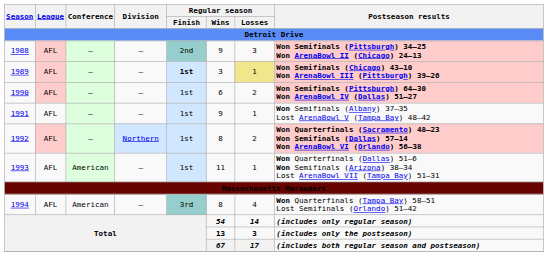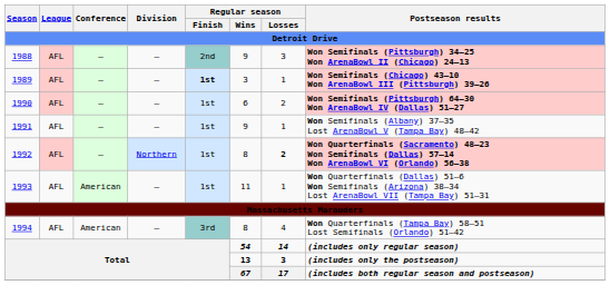 <table class="wikitable" style="font-size: 95%; width:70%;">
 <tr>
 <th rowspan="2" style="width:5%;"><a href='#'>Season</a></th>
 <th rowspan="2" style="width:5%;"><a href='#'>League</a></th>
 <th rowspan="2" style="width:5%;">Conference</th>
 <th rowspan="2">Division</th>
 <th colspan="3">Regular season</th>
 <th rowspan="2">Postseason results</th>
 </tr>
 <tr>
 <th>Finish</th>
 <th>Wins</th>
 <th>Losses</th>
 </tr>
 <tr>
 <td align="center" Colspan="9" style="background: #5A8CF7"><strong><span>Detroit Drive</span></strong></td>
 </tr>
 <tr>
 <td align="center"><a href='#'>1988</a></td>
 <td align="center" bgcolor="#FFCCCC">AFL</td>
 <td align="center" bgcolor="#DDFFDD">—</td>
 <td align="center">—</td>
 <td align="center" bgcolor="#96CDCD">2nd</td>
 <td align="center">9</td>
 <td align="center">3</td>
 <td bgcolor="#FFCCCC"><strong>Won Semifinals (<a href='#'>Pittsburgh</a>) 34–25 <br> Won <a href='#'>ArenaBowl II</a> (<a href='#'>Chicago</a>) 24–13</strong></td>
 </tr>
 <tr>
 <td align="center"><a href='#'>1989</a></td>
 <td align="center" bgcolor="#FFCCCC">AFL</td>
 <td align="center" bgcolor="#DDFFDD">—</td>
 <td align="center">—</td>
 <td align="center" bgcolor="#D0E7FF"><strong>1st</strong></td>
 <td align="center">3</td>
-<td align="center" style="background: khaki;">1</td>
+<td align="center">1</td>
 <td bgcolor="#FFCCCC"><strong>Won Semifinals (<a href='#'>Chicago</a>) 43–10 <br> Won <a href='#'>ArenaBowl III</a> (<a href='#'>Pittsburgh</a>) 39–26</strong></td>
 </tr>
 <tr>
 <td align="center"><a href='#'>1990</a></td>
 <td align="center" bgcolor="#FFCCCC">AFL</td>
 <td align="center" bgcolor="#DDFFDD">—</td>
 <td align="center">—</td>
 <td align="center" bgcolor="#D0E7FF">1st</td>
 <td align="center">6</td>
 <td align="center">2</td>
 <td bgcolor="#FFCCCC"><strong>Won Semifinals (<a href='#'>Pittsburgh</a>) 64–30 <br> Won <a href='#'>ArenaBowl IV</a> (<a href='#'>Dallas</a>) 51–27</strong></td>
 </tr>
 <tr>
 <td align="center"><a href='#'>1991</a></td>
 <td align="center">AFL</td>
 <td align="center" bgcolor="#DDFFDD">—</td>
 <td align="center">—</td>
 <td align="center" bgcolor="#D0E7FF">1st</td>
 <td align="center">9</td>
 <td align="center">1</td>
 <td><strong>Won</strong> Semifinals (<a href='#'>Albany</a>) 37–35 <br> Lost <a href='#'>ArenaBowl V</a> (<a href='#'>Tampa Bay</a>) 48–42</td>
 </tr>
 <tr>
 <td align="center"><a href='#'>1992</a></td>
 <td align="center" bgcolor="#FFCCCC">AFL</td>
 <td align="center" bgcolor="#DDFFDD">—</td>
 <td align="center" bgcolor="#D0E7FF"><a href='#'>Northern</a></td>
 <td align="center" bgcolor="#D0E7FF">1st</td>
 <td align="center">8</td>
-<td align="center">2</td>
+<td align="center"><strong>2</strong></td>
 <td bgcolor="#FFCCCC"><strong>Won Quarterfinals (<a href='#'>Sacramento</a>) 48–23 <br> Won Semifinals (<a href='#'>Dallas</a>) 57–14 <br> Won <a href='#'>ArenaBowl VI</a> (<a href='#'>Orlando</a>) 56–38</strong></td>
 </tr>
 <tr>
 <td align="center"><a href='#'>1993</a></td>
 <td align="center">AFL</td>
 <td align="center" bgcolor="#DDFFDD">American</td>
 <td align="center">—</td>
 <td align="center" bgcolor="#D0E7FF">1st</td>
 <td align="center">11</td>
 <td align="center">1</td>
 <td><strong>Won</strong> Quarterfinals (<a href='#'>Dallas</a>) 51–6 <br> <strong>Won</strong> Semifinals (<a href='#'>Arizona</a>) 38–34 <br> Lost <a href='#'>ArenaBowl VII</a> (<a href='#'>Tampa Bay</a>) 51–31</td>
 </tr>
 <tr>
 <td align="center" Colspan="9" style="background: #670400"><strong><span>Massachusetts Marauders</span></strong></td>
 </tr>
 <tr>
 <td align="center"><a href='#'>1994</a></td>
 <td align="center">AFL</td>
 <td align="center">American</td>
 <td align="center">—</td>
 <td align="center" bgcolor="#96CDCD">3rd</td>
 <td align="center">8</td>
 <td align="center">4</td>
 <td><strong>Won</strong> Quarterfinals (<a href='#'>Tampa Bay</a>) 58–51 <br> Lost Semifinals (<a href='#'>Orlando</a>) 51–42</td>
 </tr>
 <tr>
 <th align="center" rowSpan="3" colSpan="5">Total</th>
 <td align="center"><strong><em>54</em></strong></td>
 <td align="center"><strong><em>14</em></strong></td>
 <td colSpan="2"><strong><em>(includes only regular season)</em></strong></td>
 </tr>
 <tr>
 <td align="center"><strong>13</strong></td>
 <td align="center"><strong>3</strong></td>
 <td colSpan="2"><strong><em>(includes only the postseason)</em></strong></td>
 </tr>
 <tr>
 <th align="center"><em>67</em></th>
 <th align="center"><em>17</em></th>
 <td colSpan="2"><strong><em>(includes both regular season and postseason)</em></strong></td>
 </tr>
 <tr>
 </tr>
 </table>
